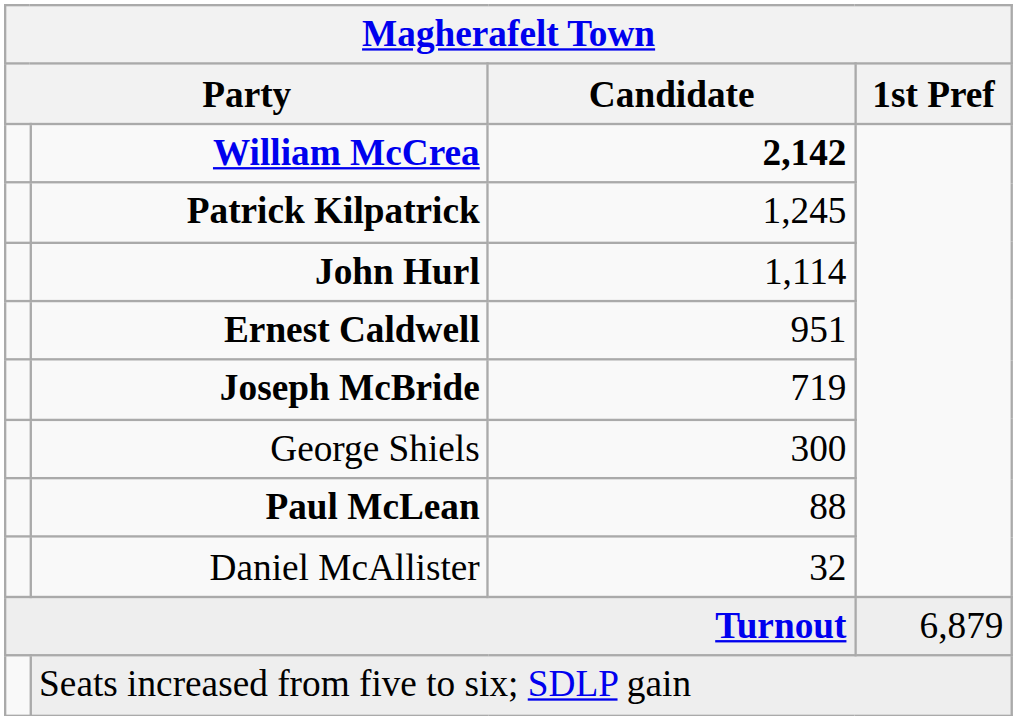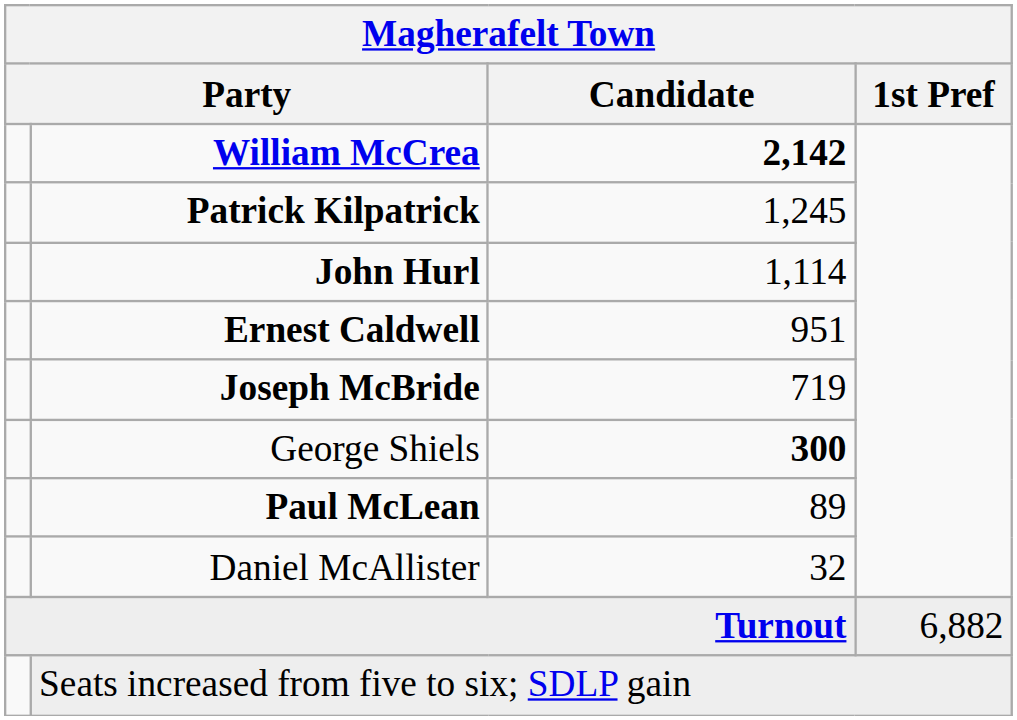 <table class="wikitable">
 <tr>
 <th colspan="4" align="center"><a href='#'>Magherafelt Town</a></th>
 </tr>
 <tr>
 <th colspan="2" align="center" width=200>Party</th>
 <th width=150>Candidate</th>
 <th width=60>1st Pref</th>
 </tr>
 <tr>
 <td></td>
 <td align="right"><strong><a href='#'>William McCrea</a></strong></td>
 <td align="right"><strong>2,142</strong></td>
 </tr>
 <tr>
 <td></td>
 <td align="right"><strong>Patrick Kilpatrick</strong></td>
 <td align="right">1,245</td>
 </tr>
 <tr>
 <td></td>
 <td align="right"><strong>John Hurl</strong></td>
 <td align="right">1,114</td>
 </tr>
 <tr>
 <td></td>
 <td align="right"><strong>Ernest Caldwell</strong></td>
 <td align="right">951</td>
 </tr>
 <tr>
 <td></td>
 <td align="right"><strong>Joseph McBride</strong></td>
 <td align="right">719</td>
 </tr>
 <tr>
 <td></td>
 <td align="right">George Shiels</td>
-<td align="right">300</td>
+<td align="right"><strong>300</strong></td>
 </tr>
 <tr>
 <td></td>
 <td align="right"><strong>Paul McLean</strong></td>
-<td align="right">88</td>
+<td align="right">89</td>
 </tr>
 <tr>
 <td></td>
 <td align="right">Daniel McAllister</td>
 <td align="right">32</td>
 </tr>
 <tr bgcolor="EEEEEE">
 <td colspan=3 align="right"><strong><a href='#'>Turnout</a></strong></td>
-<td align="right">6,879</td>
+<td align="right">6,882</td>
 </tr>
 <tr>
 <td style="color:inherit;background:"></td>
 <td colspan=3 bgcolor="EEEEEE">Seats increased from five to six; <a href='#'>SDLP</a> gain</td>
 </tr>
 </table>
